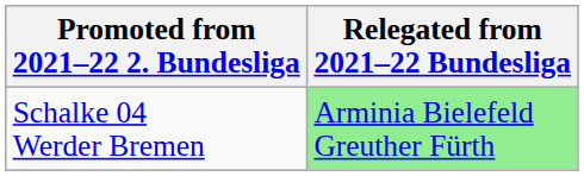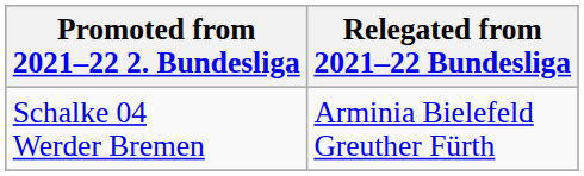 <table class="wikitable">
 <tr>
 <th>Promoted from<br><a href='#'>2021–22 2. Bundesliga</a></th>
 <th>Relegated from<br><a href='#'>2021–22 Bundesliga</a></th>
 </tr>
 <tr>
 <td><a href='#'>Schalke 04</a><br><a href='#'>Werder Bremen</a></td>
-<td style="background: lightgreen;"><a href='#'>Arminia Bielefeld</a><br><a href='#'>Greuther Fürth</a></td>
+<td><a href='#'>Arminia Bielefeld</a><br><a href='#'>Greuther Fürth</a></td>
 </tr>
 </table>
